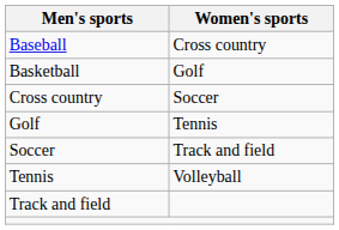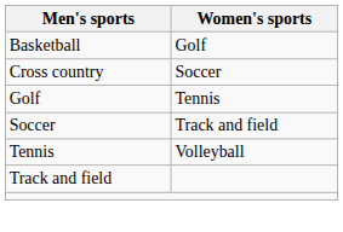 <table class="wikitable"; style= "text-align: ">
 <tr>
 <th width=150px>Men's sports</th>
 <th width=150px>Women's sports</th>
-</tr>
-<tr>
-<td><a href='#'>Baseball</a></td>
-<td>Cross country</td>
 </tr>
 <tr>
 <td>Basketball</td>
 <td>Golf</td>
 </tr>
 <tr>
 <td>Cross country</td>
 <td>Soccer</td>
 </tr>
 <tr>
 <td>Golf</td>
 <td>Tennis</td>
 </tr>
 <tr>
 <td>Soccer</td>
 <td>Track and field</td>
 </tr>
 <tr>
 <td>Tennis</td>
 <td>Volleyball</td>
 </tr>
 <tr>
 <td>Track and field</td>
 <td></td>
 </tr>
 <tr>
 <td colspan=2></td>
 </tr>
 </table>
